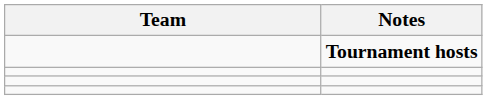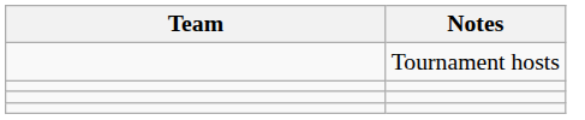 <table class="wikitable">
 <tr>
 <th scope="col" style="width:250px;">Team</th>
 <th>Notes</th>
 </tr>
 <tr>
 <td><strong></strong></td>
-<td><strong>Tournament hosts</strong></td>
+<td>Tournament hosts</td>
 </tr>
 <tr>
 <td><strong></strong></td>
 <td></td>
 </tr>
 <tr>
 <td></td>
 <td></td>
 </tr>
 <tr>
 <td></td>
 <td></td>
 </tr>
 </table>
